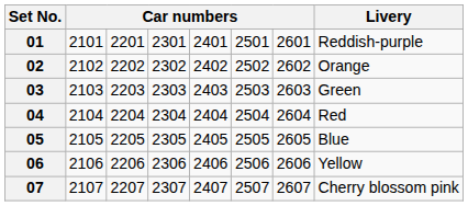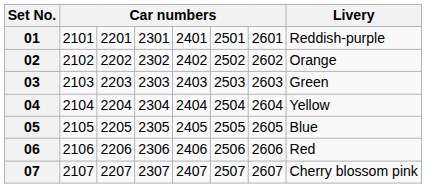 <table class="wikitable">
 <tr>
 <th>Set No.</th>
 <th colspan=6>Car numbers</th>
 <th>Livery</th>
 </tr>
 <tr>
 <th>01</th>
 <td>2101</td>
 <td>2201</td>
 <td>2301</td>
 <td>2401</td>
 <td>2501</td>
 <td>2601</td>
 <td> Reddish-purple</td>
 </tr>
 <tr>
 <th>02</th>
 <td>2102</td>
 <td>2202</td>
 <td>2302</td>
 <td>2402</td>
 <td>2502</td>
 <td>2602</td>
 <td> Orange</td>
 </tr>
 <tr>
 <th>03</th>
 <td>2103</td>
 <td>2203</td>
 <td>2303</td>
 <td>2403</td>
 <td>2503</td>
 <td>2603</td>
 <td> Green</td>
 </tr>
 <tr>
 <th>04</th>
 <td>2104</td>
 <td>2204</td>
 <td>2304</td>
 <td>2404</td>
 <td>2504</td>
 <td>2604</td>
-<td> Red</td>
+<td> Yellow</td>
 </tr>
 <tr>
 <th>05</th>
 <td>2105</td>
 <td>2205</td>
 <td>2305</td>
 <td>2405</td>
 <td>2505</td>
 <td>2605</td>
 <td> Blue</td>
 </tr>
 <tr>
 <th>06</th>
 <td>2106</td>
 <td>2206</td>
 <td>2306</td>
 <td>2406</td>
 <td>2506</td>
 <td>2606</td>
-<td> Yellow</td>
+<td> Red</td>
 </tr>
 <tr>
 <th>07</th>
 <td>2107</td>
 <td>2207</td>
 <td>2307</td>
 <td>2407</td>
 <td>2507</td>
 <td>2607</td>
 <td> Cherry blossom pink</td>
 </tr>
 </table>
